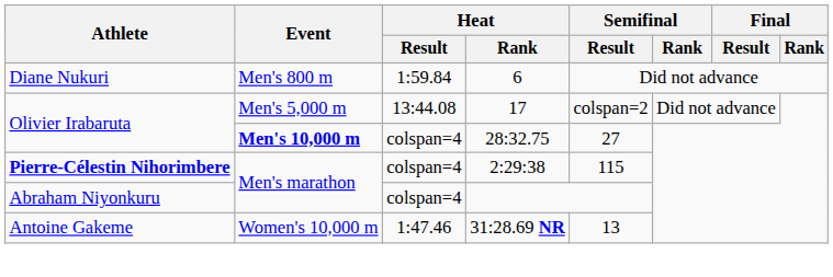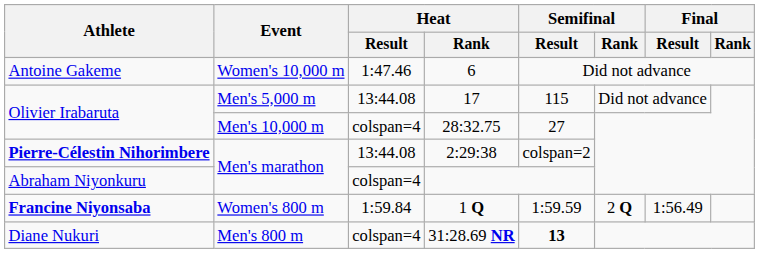 <table class="wikitable" style="font-size:90%">
 <tr>
 <th rowspan="2">Athlete</th>
 <th rowspan="2">Event</th>
 <th colspan="2">Heat</th>
 <th colspan="2">Semifinal</th>
 <th colspan="2">Final</th>
 </tr>
 <tr style="font-size:95%">
 <th>Result</th>
 <th>Rank</th>
 <th>Result</th>
 <th>Rank</th>
 <th>Result</th>
 <th>Rank</th>
 </tr>
 <tr align=center>
-<td align=left><a href='#'>Diane Nukuri</a></td>
-<td align=left><a href='#'>Men's 800 m</a></td>
-<td>1:59.84</td>
+<td align=left><a href='#'>Antoine Gakeme</a></td>
+<td align=left><a href='#'>Women's 10,000 m</a></td>
+<td>1:47.46</td>
 <td>6</td>
 <td colspan=4>Did not advance</td>
 </tr>
 <tr align=center>
 <td align=left rowspan=2><a href='#'>Olivier Irabaruta</a></td>
 <td align=left><a href='#'>Men's 5,000 m</a></td>
 <td>13:44.08</td>
 <td>17</td>
-<td>colspan=2 </td>
+<td>115</td>
 <td colspan=2>Did not advance</td>
 </tr>
 <tr align=center>
-<td align=left><strong><a href='#'>Men's 10,000 m</a></strong></td>
+<td align=left><a href='#'>Men's 10,000 m</a></td>
 <td>colspan=4 </td>
 <td>28:32.75</td>
 <td>27</td>
 </tr>
 <tr align=center>
 <td align=left><strong><a href='#'>Pierre-Célestin Nihorimbere</a></strong></td>
 <td align=left rowspan=2><a href='#'>Men's marathon</a></td>
-<td>colspan=4 </td>
+<td>13:44.08</td>
 <td>2:29:38</td>
-<td>115</td>
+<td>colspan=2 </td>
 </tr>
 <tr align=center>
 <td align=left><a href='#'>Abraham Niyonkuru</a></td>
 <td>colspan=4 </td>
 <td colspan=2></td>
 </tr>
 <tr align=center>
-<td align=left><a href='#'>Antoine Gakeme</a></td>
-<td align=left><a href='#'>Women's 10,000 m</a></td>
-<td>1:47.46</td>
+<td align=left><strong><a href='#'>Francine Niyonsaba</a></strong></td>
+<td align=left><a href='#'>Women's 800 m</a></td>
+<td>1:59.84</td>
+<td>1 <strong>Q</strong></td>
+<td>1:59.59</td>
+<td>2 <strong>Q</strong></td>
+<td>1:56.49</td>
+<td></td>
+</tr>
+<tr align=center>
+<td align=left><a href='#'>Diane Nukuri</a></td>
+<td align=left><a href='#'>Men's 800 m</a></td>
+<td>colspan=4 </td>
 <td>31:28.69 <strong><a href='#'>NR</a></strong></td>
-<td>13</td>
+<td><strong>13</strong></td>
 </tr>
 </table>
